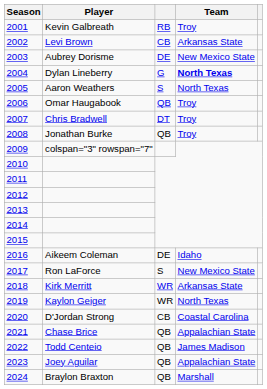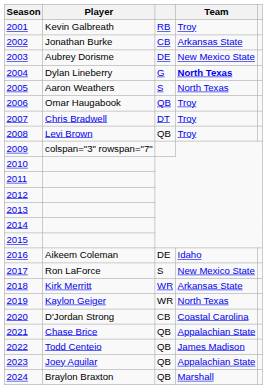 <table class="wikitable sortable">
 <tr>
 <th>Season</th>
 <th>Player</th>
 <th></th>
 <th>Team</th>
 <th></th>
 </tr>
 <tr>
 <td><a href='#'>2001</a></td>
 <td>Kevin Galbreath</td>
 <td><a href='#'>RB</a></td>
 <td><a href='#'>Troy</a></td>
 <td></td>
 </tr>
 <tr>
 <td><a href='#'>2002</a></td>
-<td><a href='#'>Levi Brown</a></td>
+<td>Jonathan Burke</td>
 <td><a href='#'>CB</a></td>
 <td><a href='#'>Arkansas State</a></td>
 <td></td>
 </tr>
 <tr>
 <td><a href='#'>2003</a></td>
 <td>Aubrey Dorisme</td>
 <td><a href='#'>DE</a></td>
 <td><a href='#'>New Mexico State</a></td>
 <td></td>
 </tr>
 <tr>
 <td><a href='#'>2004</a></td>
 <td>Dylan Lineberry</td>
 <td><a href='#'>G</a></td>
 <td><strong><a href='#'>North Texas</a></strong></td>
 <td></td>
 </tr>
 <tr>
 <td><a href='#'>2005</a></td>
 <td>Aaron Weathers</td>
 <td><a href='#'>S</a></td>
 <td><a href='#'>North Texas</a></td>
 <td></td>
 </tr>
 <tr>
 <td><a href='#'>2006</a></td>
 <td>Omar Haugabook</td>
 <td><a href='#'>QB</a></td>
 <td><a href='#'>Troy</a></td>
 <td></td>
 </tr>
 <tr>
 <td><a href='#'>2007</a></td>
 <td><a href='#'>Chris Bradwell</a></td>
 <td><a href='#'>DT</a></td>
 <td><a href='#'>Troy</a></td>
 <td></td>
 </tr>
 <tr>
 <td><a href='#'>2008</a></td>
-<td>Jonathan Burke</td>
+<td><a href='#'>Levi Brown</a></td>
 <td>QB</td>
 <td><a href='#'>Troy</a></td>
 <td></td>
 </tr>
 <tr>
 <td><a href='#'>2009</a></td>
 <td>colspan="3" rowspan="7" </td>
 <td></td>
 </tr>
 <tr>
 <td><a href='#'>2010</a></td>
 <td></td>
 </tr>
 <tr>
 <td><a href='#'>2011</a></td>
 <td></td>
 </tr>
 <tr>
 <td><a href='#'>2012</a></td>
 <td></td>
 </tr>
 <tr>
 <td><a href='#'>2013</a></td>
 <td></td>
 </tr>
 <tr>
 <td><a href='#'>2014</a></td>
 <td></td>
 </tr>
 <tr>
 <td><a href='#'>2015</a></td>
 <td></td>
 </tr>
 <tr>
 <td><a href='#'>2016</a></td>
 <td>Aikeem Coleman</td>
 <td>DE</td>
 <td><a href='#'>Idaho</a></td>
 <td></td>
 </tr>
 <tr>
 <td><a href='#'>2017</a></td>
 <td>Ron LaForce</td>
 <td>S</td>
 <td><a href='#'>New Mexico State</a></td>
 <td></td>
 </tr>
 <tr>
 <td><a href='#'>2018</a></td>
 <td><a href='#'>Kirk Merritt</a></td>
 <td><a href='#'>WR</a></td>
 <td><a href='#'>Arkansas State</a></td>
 <td></td>
 </tr>
 <tr>
 <td><a href='#'>2019</a></td>
 <td><a href='#'>Kaylon Geiger</a></td>
 <td>WR</td>
 <td><a href='#'>North Texas</a></td>
 <td></td>
 </tr>
 <tr>
 <td><a href='#'>2020</a></td>
 <td>D'Jordan Strong</td>
 <td>CB</td>
 <td><a href='#'>Coastal Carolina</a></td>
 <td></td>
 </tr>
 <tr>
 <td><a href='#'>2021</a></td>
 <td><a href='#'>Chase Brice</a></td>
 <td>QB</td>
 <td><a href='#'>Appalachian State</a></td>
 <td></td>
 </tr>
 <tr>
 <td><a href='#'>2022</a></td>
 <td><a href='#'>Todd Centeio</a></td>
 <td>QB</td>
 <td><a href='#'>James Madison</a></td>
 <td></td>
 </tr>
 <tr>
 <td><a href='#'>2023</a></td>
 <td><a href='#'>Joey Aguilar</a></td>
 <td>QB</td>
 <td><a href='#'>Appalachian State</a></td>
 <td></td>
 </tr>
 <tr>
 <td><a href='#'>2024</a></td>
 <td>Braylon Braxton</td>
 <td>QB</td>
 <td><a href='#'>Marshall</a></td>
 <td></td>
 </tr>
 </table>
